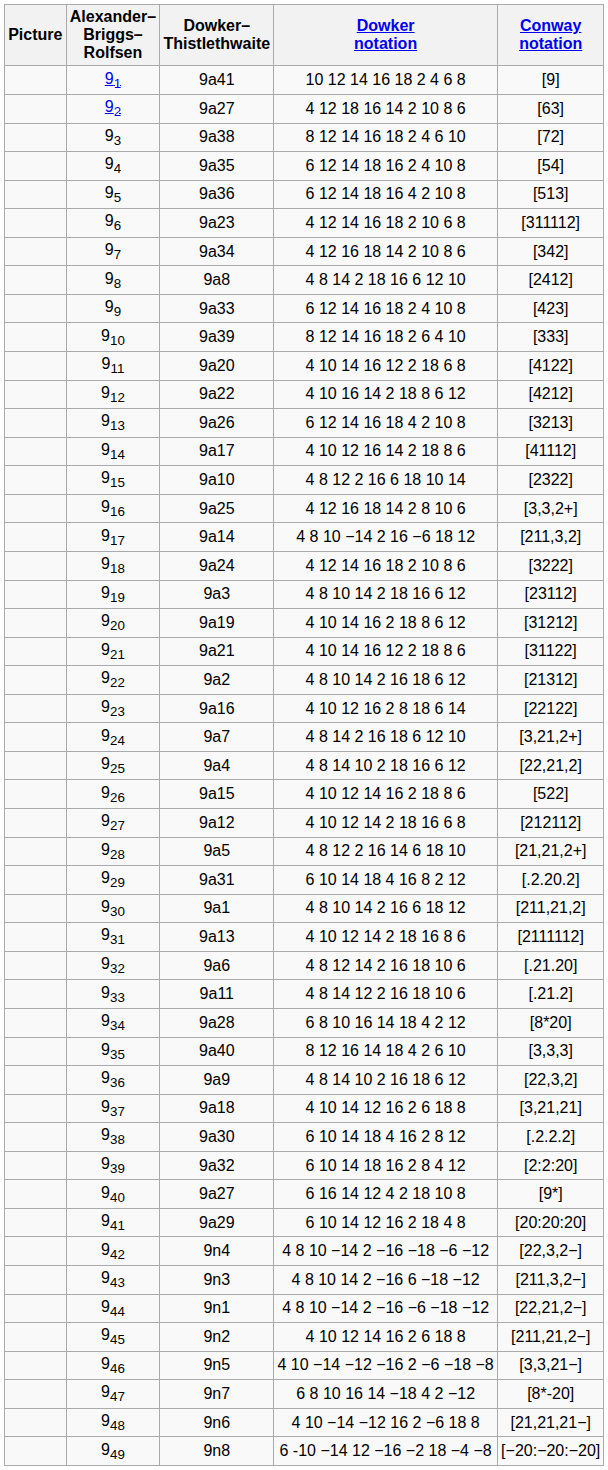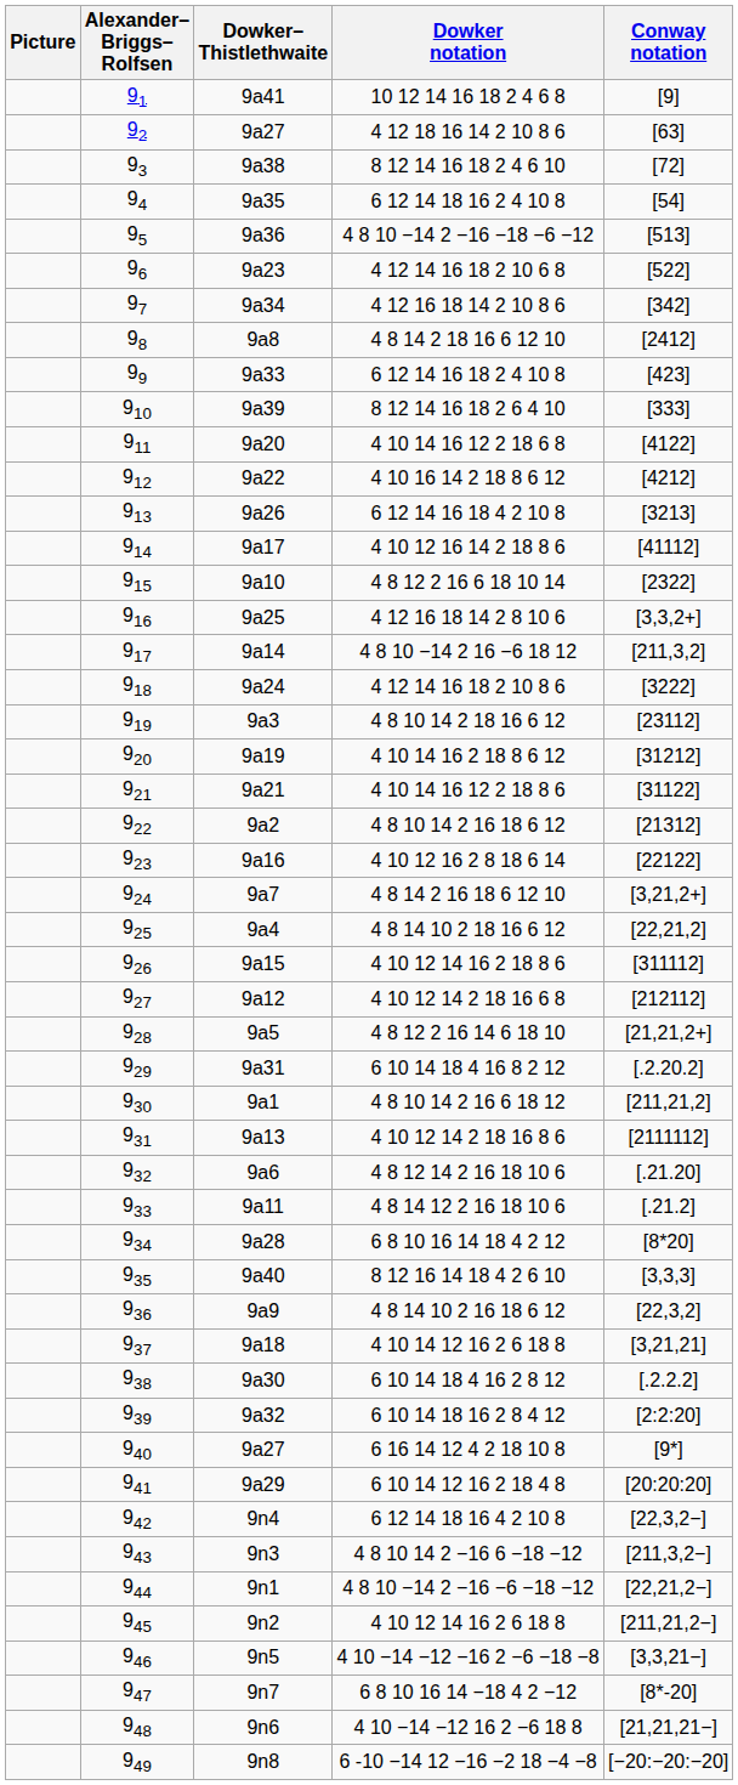 <table class="wikitable sortable" style="text-align:center">
 <tr>
 <th>Picture</th>
 <th>Alexander–<br>Briggs–<br>Rolfsen</th>
 <th>Dowker–<br>Thistlethwaite</th>
 <th><a href='#'>Dowker<br> notation</a></th>
 <th><a href='#'>Conway<br> notation</a></th>
 </tr>
 <tr>
 <td></td>
 <td><a href='#'>9<sub>1</sub></a></td>
 <td>9a­41</td>
 <td>10 12 14 16 18 2 4 6 8</td>
 <td>[9]</td>
 </tr>
 <tr>
 <td></td>
 <td><a href='#'>9<sub>2</sub></a></td>
 <td>9a­27</td>
 <td>4 12 18 16 14 2 10 8 6</td>
 <td>[63]</td>
 </tr>
 <tr>
 <td></td>
 <td>9<sub>3</sub></td>
 <td>9a­38</td>
 <td>8 12 14 16 18 2 4 6 10</td>
 <td>[72]</td>
 </tr>
 <tr>
 <td></td>
 <td>9<sub>4</sub></td>
 <td>9a­35</td>
 <td>6 12 14 18 16 2 4 10 8</td>
 <td>[54]</td>
 </tr>
 <tr>
 <td><br></td>
 <td>9<sub>5</sub></td>
 <td>9a­36</td>
-<td>6 12 14 18 16 4 2 10 8</td>
+<td>4 8 10 −14 2 −16 −18 −6 −12</td>
 <td>[513]</td>
 </tr>
 <tr>
 <td><br></td>
 <td>9<sub>6</sub></td>
 <td>9a­23</td>
 <td>4 12 14 16 18 2 10 6 8</td>
-<td>[311112]</td>
+<td>[522]</td>
 </tr>
 <tr>
 <td><br></td>
 <td>9<sub>7</sub></td>
 <td>9a­34</td>
 <td>4 12 16 18 14 2 10 8 6</td>
 <td>[342]</td>
 </tr>
 <tr>
 <td><br></td>
 <td>9<sub>8</sub></td>
 <td>9a8</td>
 <td>4 8 14 2 18 16 6 12 10</td>
 <td>[2412]</td>
 </tr>
 <tr>
 <td><br></td>
 <td>9<sub>9</sub></td>
 <td>9a­33</td>
 <td>6 12 14 16 18 2 4 10 8</td>
 <td>[423]</td>
 </tr>
 <tr>
 <td><br></td>
 <td>9<sub>10</sub></td>
 <td>9a­39</td>
 <td>8 12 14 16 18 2 6 4 10</td>
 <td>[333]</td>
 </tr>
 <tr>
 <td><br></td>
 <td>9<sub>11</sub></td>
 <td>9a­20</td>
 <td>4 10 14 16 12 2 18 6 8</td>
 <td>[4122]</td>
 </tr>
 <tr>
 <td></td>
 <td>9<sub>12</sub></td>
 <td>9a­22</td>
 <td>4 10 16 14 2 18 8 6 12</td>
 <td>[4212]</td>
 </tr>
 <tr>
 <td></td>
 <td>9<sub>13</sub></td>
 <td>9a­26</td>
 <td>6 12 14 16 18 4 2 10 8</td>
 <td>[3213]</td>
 </tr>
 <tr>
 <td></td>
 <td>9<sub>14</sub></td>
 <td>9a­17</td>
 <td>4 10 12 16 14 2 18 8 6</td>
 <td>[41112]</td>
 </tr>
 <tr>
 <td></td>
 <td>9<sub>15</sub></td>
 <td>9a­10</td>
 <td>4 8 12 2 16 6 18 10 14</td>
 <td>[2322]</td>
 </tr>
 <tr>
 <td></td>
 <td>9<sub>16</sub></td>
 <td>9a­25</td>
 <td>4 12 16 18 14 2 8 10 6</td>
 <td>[3,3,2+]</td>
 </tr>
 <tr>
 <td></td>
 <td>9<sub>17</sub></td>
 <td>9a­14</td>
 <td>4 8 10 −14 2 16 −6 18 12</td>
 <td>[211,3,2]</td>
 </tr>
 <tr>
 <td></td>
 <td>9<sub>18</sub></td>
 <td>9a­24</td>
 <td>4 12 14 16 18 2 10 8 6</td>
 <td>[3222]</td>
 </tr>
 <tr>
 <td></td>
 <td>9<sub>19</sub></td>
 <td>9a3</td>
 <td>4 8 10 14 2 18 16 6 12</td>
 <td>[23112]</td>
 </tr>
 <tr>
 <td><br></td>
 <td>9<sub>20</sub></td>
 <td>9a­19</td>
 <td>4 10 14 16 2 18 8 6 12</td>
 <td>[31212]</td>
 </tr>
 <tr>
 <td><br></td>
 <td>9<sub>21</sub></td>
 <td>9a­21</td>
 <td>4 10 14 16 12 2 18 8 6</td>
 <td>[31122]</td>
 </tr>
 <tr>
 <td><br></td>
 <td>9<sub>22</sub></td>
 <td>9a2</td>
 <td>4 8 10 14 2 16 18 6 12</td>
 <td>[21312]</td>
 </tr>
 <tr>
 <td></td>
 <td>9<sub>23</sub></td>
 <td>9a­16</td>
 <td>4 10 12 16 2 8 18 6 14</td>
 <td>[22122]</td>
 </tr>
 <tr>
 <td><br></td>
 <td>9<sub>24</sub></td>
 <td>9a7</td>
 <td>4 8 14 2 16 18 6 12 10</td>
 <td>[3,21,2+]</td>
 </tr>
 <tr>
 <td><br></td>
 <td>9<sub>25</sub></td>
 <td>9a4</td>
 <td>4 8 14 10 2 18 16 6 12</td>
 <td>[22,21,2]</td>
 </tr>
 <tr>
 <td><br></td>
 <td>9<sub>26</sub></td>
 <td>9a­15</td>
 <td>4 10 12 14 16 2 18 8 6</td>
-<td>[522]</td>
+<td>[311112]</td>
 </tr>
 <tr>
 <td><br></td>
 <td>9<sub>27</sub></td>
 <td>9a­12</td>
 <td>4 10 12 14 2 18 16 6 8</td>
 <td>[212112]</td>
 </tr>
 <tr>
 <td><br></td>
 <td>9<sub>28</sub></td>
 <td>9a5</td>
 <td>4 8 12 2 16 14 6 18 10</td>
 <td>[21,21,2+]</td>
 </tr>
 <tr>
 <td><br></td>
 <td>9<sub>29</sub></td>
 <td>9a­31</td>
 <td>6 10 14 18 4 16 8 2 12</td>
 <td>[.2.20.2]</td>
 </tr>
 <tr>
 <td><br></td>
 <td>9<sub>30</sub></td>
 <td>9a1</td>
 <td>4 8 10 14 2 16 6 18 12</td>
 <td>[211,21,2]</td>
 </tr>
 <tr>
 <td><br></td>
 <td>9<sub>31</sub></td>
 <td>9a­13</td>
 <td>4 10 12 14 2 18 16 8 6</td>
 <td>[2111112]</td>
 </tr>
 <tr>
 <td><br></td>
 <td>9<sub>32</sub></td>
 <td>9a6</td>
 <td>4 8 12 14 2 16 18 10 6</td>
 <td>[.21.20]</td>
 </tr>
 <tr>
 <td><br></td>
 <td>9<sub>33</sub></td>
 <td>9a­11</td>
 <td>4 8 14 12 2 16 18 10 6</td>
 <td>[.21.2]</td>
 </tr>
 <tr>
 <td><br></td>
 <td>9<sub>34</sub></td>
 <td>9a­28</td>
 <td>6 8 10 16 14 18 4 2 12</td>
 <td>[8*20]</td>
 </tr>
 <tr>
 <td></td>
 <td>9<sub>35</sub></td>
 <td>9a­40</td>
 <td>8 12 16 14 18 4 2 6 10</td>
 <td>[3,3,3]</td>
 </tr>
 <tr>
 <td><br></td>
 <td>9<sub>36</sub></td>
 <td>9a9</td>
 <td>4 8 14 10 2 16 18 6 12</td>
 <td>[22,3,2]</td>
 </tr>
 <tr>
 <td><br></td>
 <td>9<sub>37</sub></td>
 <td>9a­18</td>
 <td>4 10 14 12 16 2 6 18 8</td>
 <td>[3,21,21]</td>
 </tr>
 <tr>
 <td><br></td>
 <td>9<sub>38</sub></td>
 <td>9a­30</td>
 <td>6 10 14 18 4 16 2 8 12</td>
 <td>[.2.2.2]</td>
 </tr>
 <tr>
 <td><br></td>
 <td>9<sub>39</sub></td>
 <td>9a­32</td>
 <td>6 10 14 18 16 2 8 4 12</td>
 <td>[2:2:20]</td>
 </tr>
 <tr>
 <td></td>
 <td>9<sub>40</sub></td>
 <td>9a­27</td>
 <td>6 16 14 12 4 2 18 10 8</td>
 <td>[9*]</td>
 </tr>
 <tr>
 <td></td>
 <td>9<sub>41</sub></td>
 <td>9a­29</td>
 <td>6 10 14 12 16 2 18 4 8</td>
 <td>[20:20:20]</td>
 </tr>
 <tr>
 <td><br></td>
 <td>9<sub>42</sub></td>
 <td>9n4</td>
-<td>4 8 10 −14 2 −16 −18 −6 −12</td>
+<td>6 12 14 18 16 4 2 10 8</td>
 <td>[22,3,2−]</td>
 </tr>
 <tr>
 <td><br></td>
 <td>9<sub>43</sub></td>
 <td>9n3</td>
 <td>4 8 10 14 2 −16 6 −18 −12</td>
 <td>[211,3,2−]</td>
 </tr>
 <tr>
 <td><br></td>
 <td>9<sub>44</sub></td>
 <td>9n1</td>
 <td>4 8 10 −14 2 −16 −6 −18 −12</td>
 <td>[22,21,2−]</td>
 </tr>
 <tr>
 <td><br></td>
 <td>9<sub>45</sub></td>
 <td>9n2</td>
 <td>4 10 12 14 16 2 6 18 8</td>
 <td>[211,21,2−]</td>
 </tr>
 <tr>
 <td><br></td>
 <td>9<sub>46</sub></td>
 <td>9n5</td>
 <td>4 10 −14 −12 −16 2 −6 −18 −8</td>
 <td>[3,3,21−]</td>
 </tr>
 <tr>
 <td></td>
 <td>9<sub>47</sub></td>
 <td>9n7</td>
 <td>6 8 10 16 14 −18 4 2 −12</td>
 <td>[8*-20]</td>
 </tr>
 <tr>
 <td><br></td>
 <td>9<sub>48</sub></td>
 <td>9n6</td>
 <td>4 10 −14 −12 16 2 −6 18 8</td>
 <td>[21,21,21−]</td>
 </tr>
 <tr>
 <td><br></td>
 <td>9<sub>49</sub></td>
 <td>9n8</td>
 <td>6 -10 −14 12 −16 −2 18 −4 −8</td>
 <td>[−20:−20:−20]</td>
 </tr>
 </table>
